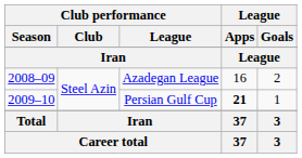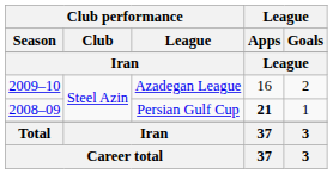 <table class="wikitable" style="text-align:center">
 <tr>
 <th colspan=3>Club performance</th>
 <th colspan=2>League</th>
 </tr>
 <tr>
 <th>Season</th>
 <th>Club</th>
 <th>League</th>
 <th>Apps</th>
 <th>Goals</th>
 </tr>
 <tr>
 </tr>
 <tr>
 <th colspan=3>Iran</th>
 <th colspan=2>League</th>
 </tr>
 <tr>
-<td><a href='#'>2008–09</a></td>
+<td><a href='#'>2009–10</a></td>
 <td rowspan="2"><a href='#'>Steel Azin</a></td>
 <td rowspan="1"><a href='#'>Azadegan League</a></td>
 <td>16</td>
 <td>2</td>
 </tr>
 <tr>
-<td><a href='#'>2009–10</a></td>
+<td><a href='#'>2008–09</a></td>
 <td rowspan="1"><a href='#'>Persian Gulf Cup</a></td>
 <td><strong>21</strong></td>
 <td>1</td>
 </tr>
 <tr>
 </tr>
 <tr>
 <th rowspan=1>Total</th>
 <th colspan=2>Iran</th>
 <th>37</th>
 <th>3</th>
 </tr>
 <tr>
 <th colspan=3>Career total</th>
 <th>37</th>
 <th>3</th>
 </tr>
 </table>
